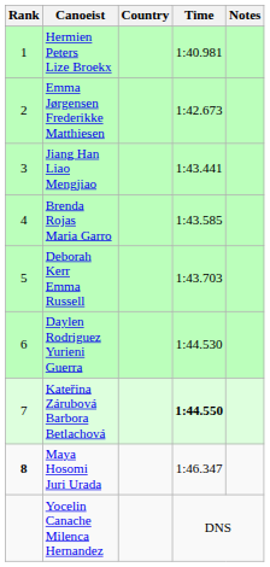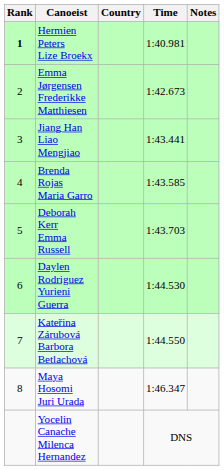 <table class="wikitable" style="text-align:center;width: 50%">
 <tr>
 <th>Rank</th>
 <th>Canoeist</th>
 <th>Country</th>
 <th>Time</th>
 <th>Notes</th>
 </tr>
 <tr bgcolor=bbffbb>
-<td>1</td>
+<td><strong>1</strong></td>
 <td align="left"><a href='#'>Hermien Peters</a><br><a href='#'>Lize Broekx</a></td>
 <td align="left"></td>
 <td>1:40.981</td>
 <td></td>
 </tr>
 <tr bgcolor=bbffbb>
 <td>2</td>
 <td align="left"><a href='#'>Emma Jørgensen</a><br><a href='#'>Frederikke Matthiesen</a></td>
 <td align="left"></td>
 <td>1:42.673</td>
 <td></td>
 </tr>
 <tr bgcolor=bbffbb>
 <td>3</td>
 <td align="left"><a href='#'>Jiang Han</a><br><a href='#'>Liao Mengjiao</a></td>
 <td align="left"></td>
 <td>1:43.441</td>
 <td></td>
 </tr>
 <tr bgcolor=bbffbb>
 <td>4</td>
 <td align="left"><a href='#'>Brenda Rojas</a><br><a href='#'>Maria Garro</a></td>
 <td align="left"></td>
 <td>1:43.585</td>
 <td></td>
 </tr>
 <tr bgcolor=bbffbb>
 <td>5</td>
 <td align="left"><a href='#'>Deborah Kerr</a><br><a href='#'>Emma Russell</a></td>
 <td align="left"></td>
 <td>1:43.703</td>
 <td></td>
 </tr>
 <tr bgcolor=bbffbb>
 <td>6</td>
 <td align="left"><a href='#'>Daylen Rodriguez</a><br><a href='#'>Yurieni Guerra</a></td>
 <td align="left"></td>
 <td>1:44.530</td>
 <td></td>
 </tr>
 <tr bgcolor=ddffdd>
 <td>7</td>
 <td align="left"><a href='#'>Kateřina Zárubová</a><br><a href='#'>Barbora Betlachová</a></td>
 <td align="left"></td>
-<td><strong>1:44.550</strong></td>
+<td>1:44.550</td>
 <td></td>
 </tr>
 <tr>
-<td><strong>8</strong></td>
+<td>8</td>
 <td align="left"><a href='#'>Maya Hosomi</a><br><a href='#'>Juri Urada</a></td>
 <td align="left"></td>
 <td>1:46.347</td>
 <td></td>
 </tr>
 <tr>
 <td></td>
 <td align="left"><a href='#'>Yocelin Canache</a><br><a href='#'>Milenca Hernandez</a></td>
 <td align="left"></td>
 <td colspan=2>DNS</td>
 </tr>
 </table>
